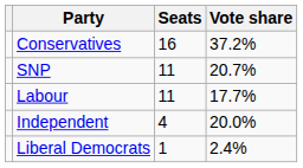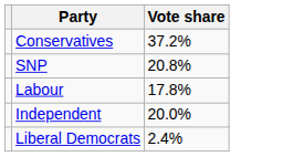 <table class="wikitable">
 <tr>
 <th></th>
 <th scope="col">Party</th>
-<th scope="col">Seats</th>
 <th scope="col">Vote share</th>
 </tr>
 <tr>
 <td style="background-color: "></td>
 <td scope="row"><a href='#'>Conservatives</a></td>
-<td>16</td>
 <td>37.2%</td>
 </tr>
 <tr>
 <td style="background-color: "></td>
 <td scope="row"><a href='#'>SNP</a></td>
-<td>11</td>
-<td>20.7%</td>
+<td>20.8%</td>
 </tr>
 <tr>
 <td style="background-color: "></td>
 <td scope="row"><a href='#'>Labour</a></td>
-<td>11</td>
-<td>17.7%</td>
+<td>17.8%</td>
 </tr>
 <tr>
 <td style="background-color: "></td>
 <td scope="row"><a href='#'>Independent</a></td>
-<td>4</td>
 <td>20.0%</td>
 </tr>
 <tr>
 <td style="background-color: "></td>
 <td scope="row"><a href='#'>Liberal Democrats</a></td>
-<td>1</td>
 <td>2.4%</td>
 </tr>
 </table>
